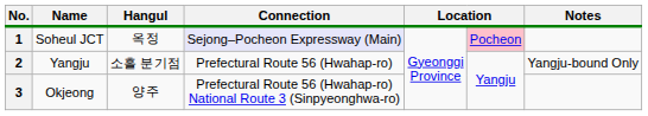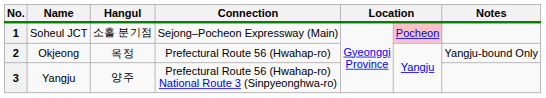 <table class="wikitable" style="font-size: 85%; text-align: center;">
 <tr style="border-bottom:solid 0.25em green;">
 <th>No.</th>
 <th>Name</th>
 <th>Hangul</th>
 <th>Connection</th>
 <th colspan="2">Location</th>
 <th>Notes</th>
 </tr>
 <tr>
 <th>1</th>
 <td>Soheul JCT</td>
-<td>옥정</td>
-<td style="background: lavender;">Sejong–Pocheon Expressway (Main)</td>
+<td>소흘 분기점</td>
+<td>Sejong–Pocheon Expressway (Main)</td>
 <td style="width: 1.2em;" rowspan="3"><a href='#'>Gyeonggi Province</a></td>
 <td rowspan="1" style="background: pink;"><a href='#'>Pocheon</a></td>
 <td></td>
 </tr>
 <tr>
 <th>2</th>
-<td>Yangju</td>
-<td>소흘 분기점</td>
+<td>Okjeong</td>
+<td>옥정</td>
 <td>Prefectural Route 56 (Hwahap-ro)</td>
 <td rowspan="2"><a href='#'>Yangju</a></td>
 <td>Yangju-bound Only</td>
 </tr>
 <tr>
 <th>3</th>
-<td>Okjeong</td>
+<td>Yangju</td>
 <td>양주</td>
 <td>Prefectural Route 56 (Hwahap-ro)<br><a href='#'>National Route 3</a> (Sinpyeonghwa-ro)</td>
 <td></td>
 </tr>
 </table>
